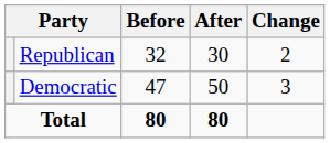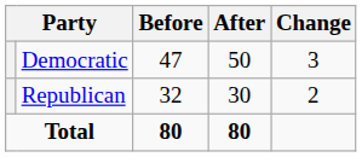 <table class="wikitable" style="text-align:center;">
 <tr>
 <th colspan="2">Party</th>
 <th>Before</th>
 <th>After</th>
 <th>Change</th>
 </tr>
 <tr>
 <th style="background-color:"></th>
+<td style="text-align:left;"><a href='#'>Democratic</a></td>
+<td>47</td>
+<td>50</td>
+<td> 3</td>
+</tr>
+<tr>
+<th style="background-color:"></th>
 <td style="text-align:left;"><a href='#'>Republican</a></td>
 <td>32</td>
 <td>30</td>
 <td> 2</td>
-</tr>
-<tr>
-<th style="background-color:"></th>
-<td style="text-align:left;"><a href='#'>Democratic</a></td>
-<td>47</td>
-<td>50</td>
-<td> 3</td>
 </tr>
 <tr>
 <td colspan="2"><strong>Total</strong></td>
 <td><strong>80</strong></td>
 <td><strong>80</strong></td>
 <td></td>
 </tr>
 </table>
